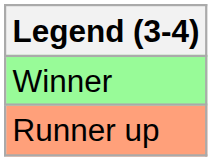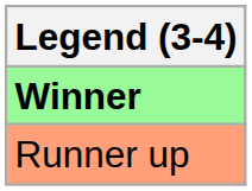 <table class="wikitable"  style="font-size:89%;">
 <tr>
 <th>Legend (3-4)</th>
 </tr>
 <tr bgcolor=#98fb98>
-<td>Winner</td>
+<td><strong>Winner</strong></td>
 </tr>
 <tr bgcolor=#ffa07a>
 <td>Runner up</td>
 </tr>
 </table>
